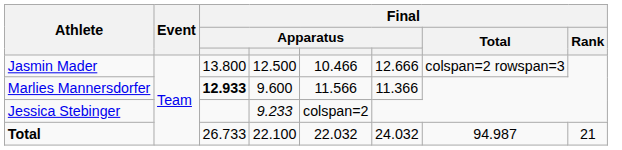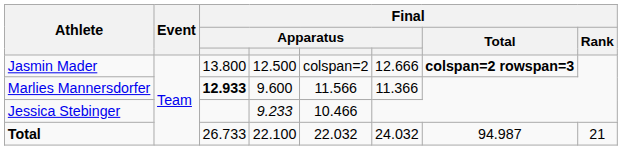 <table class=wikitable style=font-size:90%;text-align:center>
 <tr>
 <th rowspan=3>Athlete</th>
 <th rowspan=3>Event</th>
 <th colspan=6>Final</th>
 </tr>
 <tr style=font-size:95%>
 <th colspan=4>Apparatus</th>
 <th rowspan=2>Total</th>
 <th rowspan=2>Rank</th>
 </tr>
 <tr style=font-size:95%>
 <th></th>
 <th></th>
 <th></th>
 <th></th>
 </tr>
 <tr align=center>
 <td align=left><a href='#'>Jasmin Mader</a></td>
 <td align=left rowspan=7><a href='#'>Team</a></td>
 <td>13.800</td>
 <td>12.500</td>
-<td>10.466</td>
+<td>colspan=2 </td>
 <td>12.666</td>
-<td>colspan=2 rowspan=3 </td>
+<td><strong>colspan=2 rowspan=3 </strong></td>
 </tr>
 <tr align=center>
 <td align=left><a href='#'>Marlies Mannersdorfer</a></td>
 <td><strong>12.933</strong></td>
 <td>9.600</td>
 <td>11.566</td>
 <td>11.366</td>
 </tr>
 <tr>
 <td align=left><a href='#'>Jessica Stebinger</a></td>
 <td></td>
 <td><em>9.233</em></td>
-<td>colspan=2 </td>
+<td>10.466</td>
 </tr>
 <tr>
 <td align=left><strong>Total</strong></td>
 <td>26.733</td>
 <td>22.100</td>
 <td>22.032</td>
 <td>24.032</td>
 <td>94.987</td>
 <td>21</td>
 </tr>
 </table>
